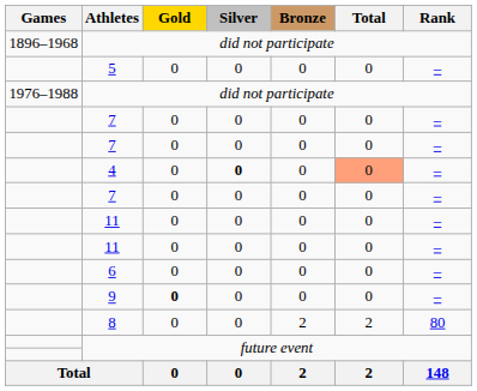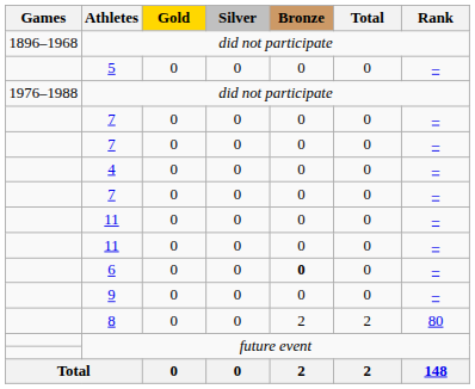 <table class="wikitable" style="text-align:center; font-size:90%;">
 <tr>
 <th>Games</th>
 <th>Athletes</th>
 <td style="background:gold; width:3.7em; font-weight:bold;">Gold</td>
 <td style="background:silver; width:3.7em; font-weight:bold;">Silver</td>
 <td style="background:#cc9966; width:3.7em; font-weight:bold;">Bronze</td>
 <th style="width:4em; font-weight:bold;">Total</th>
 <th style="width:4em; font-weight:bold;">Rank</th>
 </tr>
 <tr>
 <td align=left>1896–1968</td>
 <td colspan=6><em>did not participate</em></td>
 </tr>
 <tr>
 <td align=left></td>
 <td><a href='#'>5</a></td>
 <td>0</td>
 <td>0</td>
 <td>0</td>
 <td>0</td>
 <td><a href='#'>–</a></td>
 </tr>
 <tr>
 <td align=left>1976–1988</td>
 <td colspan=6><em>did not participate</em></td>
 </tr>
 <tr>
 <td align=left></td>
 <td><a href='#'>7</a></td>
 <td>0</td>
 <td>0</td>
 <td>0</td>
 <td>0</td>
 <td><a href='#'>–</a></td>
 </tr>
 <tr>
 <td align=left></td>
 <td><a href='#'>7</a></td>
 <td>0</td>
 <td>0</td>
 <td>0</td>
 <td>0</td>
 <td><a href='#'>–</a></td>
 </tr>
 <tr>
 <td align=left></td>
 <td><a href='#'>4</a></td>
 <td>0</td>
-<td><strong>0</strong></td>
 <td>0</td>
-<td style="background: lightsalmon;">0</td>
+<td>0</td>
+<td>0</td>
 <td><a href='#'>–</a></td>
 </tr>
 <tr>
 <td align=left></td>
 <td><a href='#'>7</a></td>
 <td>0</td>
 <td>0</td>
 <td>0</td>
 <td>0</td>
 <td><a href='#'>–</a></td>
 </tr>
 <tr>
 <td align=left></td>
 <td><a href='#'>11</a></td>
 <td>0</td>
 <td>0</td>
 <td>0</td>
 <td>0</td>
 <td><a href='#'>–</a></td>
 </tr>
 <tr>
 <td align=left></td>
 <td><a href='#'>11</a></td>
 <td>0</td>
 <td>0</td>
 <td>0</td>
 <td>0</td>
 <td><a href='#'>–</a></td>
 </tr>
 <tr>
 <td align=left></td>
 <td><a href='#'>6</a></td>
 <td>0</td>
 <td>0</td>
-<td>0</td>
+<td><strong>0</strong></td>
 <td>0</td>
 <td><a href='#'>–</a></td>
 </tr>
 <tr>
 <td align=left></td>
 <td><a href='#'>9</a></td>
-<td><strong>0</strong></td>
+<td>0</td>
 <td>0</td>
 <td>0</td>
 <td>0</td>
 <td><a href='#'>–</a></td>
 </tr>
 <tr>
 <td align=left></td>
 <td><a href='#'>8</a></td>
 <td>0</td>
 <td>0</td>
 <td>2</td>
 <td>2</td>
 <td><a href='#'>80</a></td>
 </tr>
 <tr>
 <td align=left></td>
 <td colspan=6; rowspan=2><em>future event</em></td>
 </tr>
 <tr>
 <td align=left></td>
 </tr>
 <tr>
 <th colspan=2>Total</th>
 <th>0</th>
 <th>0</th>
 <th>2</th>
 <th>2</th>
 <th><a href='#'>148</a></th>
 </tr>
 </table>
